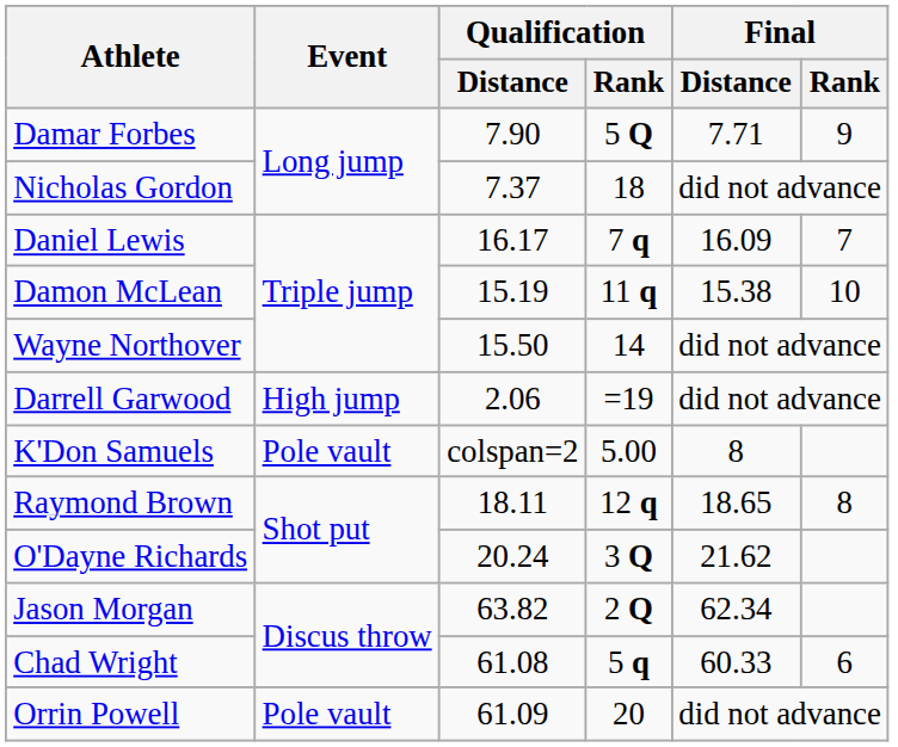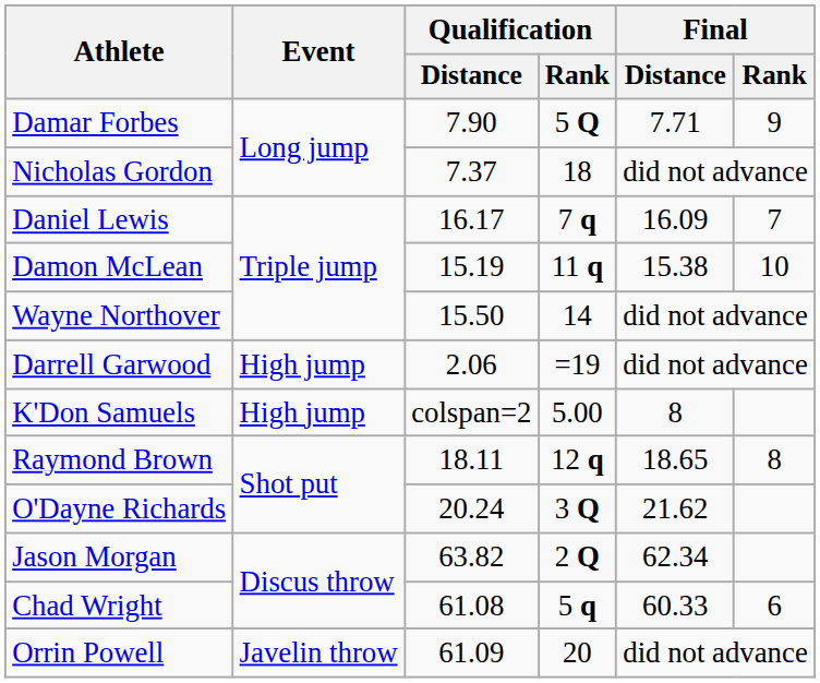 <table class="wikitable" style="font-size:90%">
 <tr>
 <th rowspan=2>Athlete</th>
 <th rowspan=2>Event</th>
 <th colspan=2>Qualification</th>
 <th colspan=2>Final</th>
 </tr>
 <tr style="font-size:95%">
 <th>Distance</th>
 <th>Rank</th>
 <th>Distance</th>
 <th>Rank</th>
 </tr>
 <tr align=center>
 <td align=left><a href='#'>Damar Forbes</a></td>
 <td style="text-align:left;" rowspan="2"><a href='#'>Long jump</a></td>
 <td>7.90</td>
 <td>5 <strong>Q</strong></td>
 <td>7.71</td>
 <td>9</td>
 </tr>
 <tr align=center>
 <td align=left><a href='#'>Nicholas Gordon</a></td>
 <td>7.37</td>
 <td>18</td>
 <td colspan=2>did not advance</td>
 </tr>
 <tr align=center>
 <td align=left><a href='#'>Daniel Lewis</a></td>
 <td style="text-align:left;" rowspan="3"><a href='#'>Triple jump</a></td>
 <td>16.17</td>
 <td>7 <strong>q</strong></td>
 <td>16.09</td>
 <td>7</td>
 </tr>
 <tr align=center>
 <td align=left><a href='#'>Damon McLean</a></td>
 <td>15.19</td>
 <td>11 <strong>q</strong></td>
 <td>15.38</td>
 <td>10</td>
 </tr>
 <tr align=center>
 <td align=left><a href='#'>Wayne Northover</a></td>
 <td>15.50</td>
 <td>14</td>
 <td colspan=2>did not advance</td>
 </tr>
 <tr align=center>
 <td align=left><a href='#'>Darrell Garwood</a></td>
 <td style="text-align:left;"><a href='#'>High jump</a></td>
 <td>2.06</td>
 <td>=19</td>
 <td colspan=2>did not advance</td>
 </tr>
 <tr align=center>
 <td align=left><a href='#'>K'Don Samuels</a></td>
-<td style="text-align:left;"><a href='#'>Pole vault</a></td>
+<td style="text-align:left;"><a href='#'>High jump</a></td>
 <td>colspan=2 </td>
 <td>5.00</td>
 <td>8</td>
 </tr>
 <tr align=center>
 <td align=left><a href='#'>Raymond Brown</a></td>
 <td align=left rowspan="2"><a href='#'>Shot put</a></td>
 <td>18.11</td>
 <td>12 <strong>q</strong></td>
 <td>18.65</td>
 <td>8</td>
 </tr>
 <tr align=center>
 <td align=left><a href='#'>O'Dayne Richards</a></td>
 <td>20.24</td>
 <td>3 <strong>Q</strong></td>
 <td>21.62</td>
 <td></td>
 </tr>
 <tr align=center>
 <td align=left><a href='#'>Jason Morgan</a></td>
 <td style="text-align:left;" rowspan="2"><a href='#'>Discus throw</a></td>
 <td>63.82</td>
 <td>2 <strong>Q</strong></td>
 <td>62.34</td>
 <td></td>
 </tr>
 <tr align=center>
 <td align=left><a href='#'>Chad Wright</a></td>
 <td>61.08</td>
 <td>5 <strong>q</strong></td>
 <td>60.33</td>
 <td>6</td>
 </tr>
 <tr align=center>
 <td align=left><a href='#'>Orrin Powell</a></td>
-<td style="text-align:left;"><a href='#'>Pole vault</a></td>
+<td style="text-align:left;"><a href='#'>Javelin throw</a></td>
 <td>61.09</td>
 <td>20</td>
 <td colspan=2>did not advance</td>
 </tr>
 </table>
